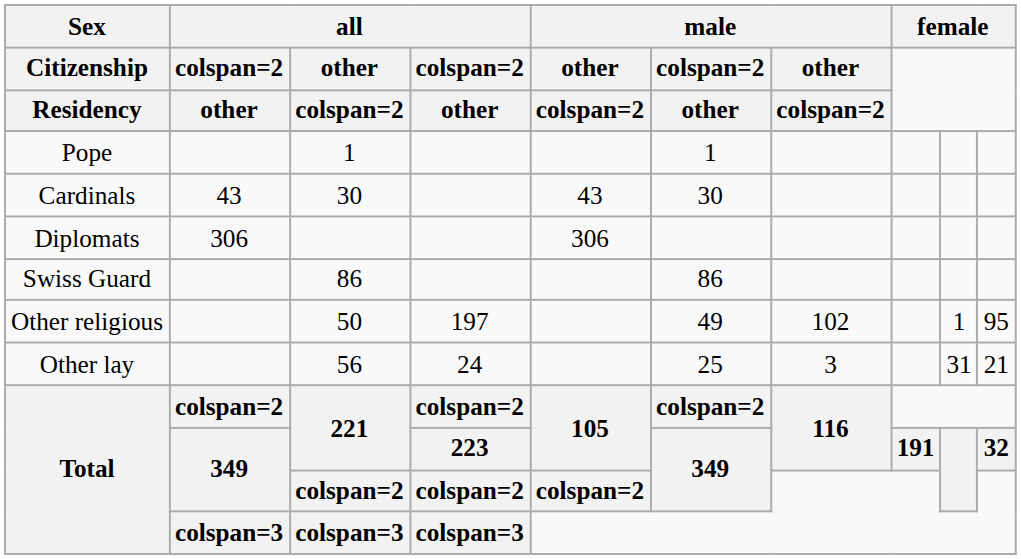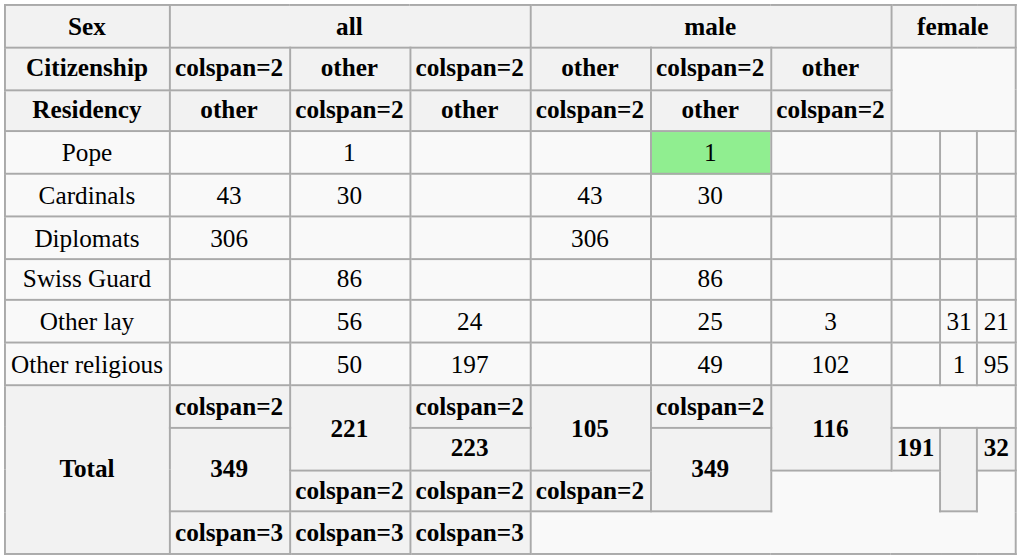 <table class=wikitable style="font-size:small; text-align:center; line-height:1.2">
 <tr>
 <th>Sex</th>
 <th colspan=3>all</th>
 <th colspan=3>male</th>
 <th colspan=3>female</th>
 </tr>
 <tr>
 <th>Citizenship</th>
 <th>colspan=2 </th>
 <th>other</th>
 <th>colspan=2 </th>
 <th>other</th>
 <th>colspan=2 </th>
 <th>other</th>
 </tr>
 <tr>
 <th>Residency</th>
 <th>other</th>
 <th>colspan=2 </th>
 <th>other</th>
 <th>colspan=2 </th>
 <th>other</th>
 <th>colspan=2 </th>
 </tr>
 <tr>
 <td>Pope</td>
 <td></td>
 <td>1</td>
 <td></td>
 <td></td>
-<td>1</td>
+<td style="background: lightgreen;">1</td>
 <td></td>
 <td></td>
 <td></td>
 <td></td>
 </tr>
 <tr>
 <td>Cardinals</td>
 <td>43</td>
 <td>30</td>
 <td></td>
 <td>43</td>
 <td>30</td>
 <td></td>
 <td></td>
 <td></td>
 <td></td>
 </tr>
 <tr>
 <td>Diplomats</td>
 <td>306</td>
 <td></td>
 <td></td>
 <td>306</td>
 <td></td>
 <td></td>
 <td></td>
 <td></td>
 <td></td>
 </tr>
 <tr>
 <td>Swiss Guard</td>
 <td></td>
 <td>86</td>
 <td></td>
 <td></td>
 <td>86</td>
 <td></td>
 <td></td>
 <td></td>
 <td></td>
 </tr>
 <tr>
+<td>Other lay</td>
+<td></td>
+<td>56</td>
+<td>24</td>
+<td></td>
+<td>25</td>
+<td>3</td>
+<td></td>
+<td>31</td>
+<td>21</td>
+</tr>
+<tr>
 <td>Other religious</td>
 <td></td>
 <td>50</td>
 <td>197</td>
 <td></td>
 <td>49</td>
 <td>102</td>
 <td></td>
 <td>1</td>
 <td>95</td>
-</tr>
-<tr>
-<td>Other lay</td>
-<td></td>
-<td>56</td>
-<td>24</td>
-<td></td>
-<td>25</td>
-<td>3</td>
-<td></td>
-<td>31</td>
-<td>21</td>
 </tr>
 <tr>
 <th rowspan=4>Total</th>
 <th>colspan=2 </th>
 <th rowspan=2>221</th>
 <th>colspan=2 </th>
 <th rowspan=2>105</th>
 <th>colspan=2 </th>
 <th rowspan=2>116</th>
 </tr>
 <tr>
 <th rowspan=2>349</th>
 <th>223</th>
 <th rowspan=2>349</th>
 <th>191</th>
 <th rowspan=2></th>
 <th>32</th>
 </tr>
 <tr>
 <th>colspan=2 </th>
 <th>colspan=2 </th>
 <th>colspan=2 </th>
 </tr>
 <tr>
 <th>colspan=3 </th>
 <th>colspan=3 </th>
 <th>colspan=3 </th>
 </tr>
 </table>
